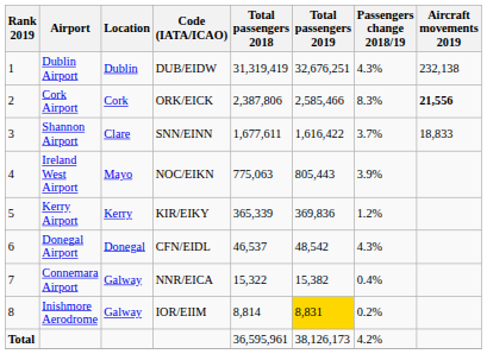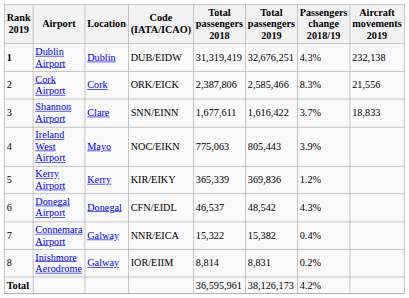 <table class="wikitable sortable">
 <tr>
 <th>Rank<br>2019</th>
 <th>Airport</th>
 <th>Location</th>
 <th>Code<br>(IATA/ICAO)</th>
 <th>Total<br>passengers<br>2018</th>
 <th>Total<br>passengers<br>2019</th>
 <th>Passengers<br>change<br>2018/19</th>
 <th>Aircraft<br>movements<br>2019</th>
 </tr>
 <tr>
-<td>1</td>
+<td><strong>1</strong></td>
 <td><a href='#'>Dublin Airport</a></td>
 <td><a href='#'>Dublin</a></td>
 <td>DUB/EIDW</td>
 <td>31,319,419</td>
 <td>32,676,251</td>
 <td> 4.3%</td>
 <td>232,138</td>
 </tr>
 <tr>
 <td>2</td>
 <td><a href='#'>Cork Airport</a></td>
 <td><a href='#'>Cork</a></td>
 <td>ORK/EICK</td>
 <td>2,387,806</td>
 <td>2,585,466</td>
 <td> 8.3%</td>
-<td><strong>21,556</strong></td>
+<td>21,556</td>
 </tr>
 <tr>
 <td>3</td>
 <td><a href='#'>Shannon Airport</a></td>
 <td><a href='#'>Clare</a></td>
 <td>SNN/EINN</td>
 <td>1,677,611</td>
 <td>1,616,422</td>
 <td> 3.7%</td>
 <td>18,833</td>
 </tr>
 <tr>
 <td>4</td>
 <td><a href='#'>Ireland West Airport</a></td>
 <td><a href='#'>Mayo</a></td>
 <td>NOC/EIKN</td>
 <td>775,063</td>
 <td>805,443</td>
 <td> 3.9%</td>
 <td></td>
 </tr>
 <tr>
 <td>5</td>
 <td><a href='#'>Kerry Airport</a></td>
 <td><a href='#'>Kerry</a></td>
 <td>KIR/EIKY</td>
 <td>365,339</td>
 <td>369,836</td>
 <td> 1.2%</td>
 <td></td>
 </tr>
 <tr>
 <td>6</td>
 <td><a href='#'>Donegal Airport</a></td>
 <td><a href='#'>Donegal</a></td>
 <td>CFN/EIDL</td>
 <td>46,537</td>
 <td>48,542</td>
 <td> 4.3%</td>
 <td></td>
 </tr>
 <tr>
 <td>7</td>
 <td><a href='#'>Connemara Airport</a></td>
 <td><a href='#'>Galway</a></td>
 <td>NNR/EICA</td>
 <td>15,322</td>
 <td>15,382</td>
 <td> 0.4%</td>
 <td></td>
 </tr>
 <tr>
 <td>8</td>
 <td><a href='#'>Inishmore Aerodrome</a></td>
 <td><a href='#'>Galway</a></td>
 <td>IOR/EIIM</td>
 <td>8,814</td>
-<td style="background: gold;">8,831</td>
+<td>8,831</td>
 <td> 0.2%</td>
 <td></td>
 </tr>
 <tr>
 <td><strong>Total</strong></td>
 <td></td>
 <td></td>
 <td></td>
 <td>36,595,961</td>
 <td>38,126,173</td>
 <td> 4.2%</td>
 <td></td>
 </tr>
 <tr>
 </tr>
 </table>
